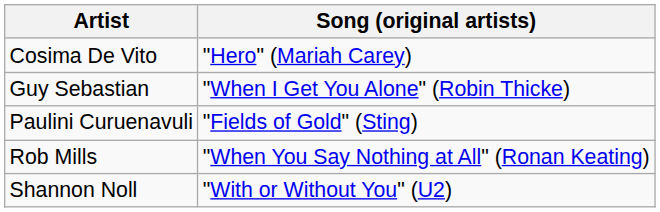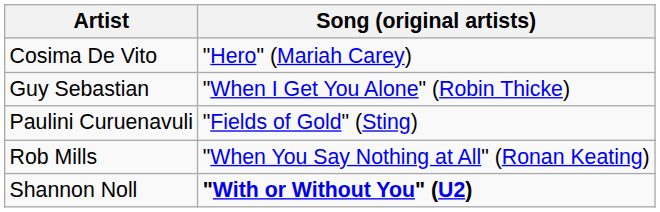 <table class=wikitable>
 <tr>
 <th>Artist</th>
 <th>Song (original artists)</th>
 </tr>
 <tr>
 <td>Cosima De Vito</td>
 <td>"<a href='#'>Hero</a>" (<a href='#'>Mariah Carey</a>)</td>
 </tr>
 <tr>
 <td>Guy Sebastian</td>
 <td>"<a href='#'>When I Get You Alone</a>" (<a href='#'>Robin Thicke</a>)</td>
 </tr>
 <tr>
 <td>Paulini Curuenavuli</td>
 <td>"<a href='#'>Fields of Gold</a>" (<a href='#'>Sting</a>)</td>
 </tr>
 <tr>
 <td>Rob Mills</td>
 <td>"<a href='#'>When You Say Nothing at All</a>" (<a href='#'>Ronan Keating</a>)</td>
 </tr>
 <tr>
 <td>Shannon Noll</td>
-<td>"<a href='#'>With or Without You</a>" (<a href='#'>U2</a>)</td>
+<td><strong>"<a href='#'>With or Without You</a>" (<a href='#'>U2</a>)</strong></td>
 </tr>
 </table>
